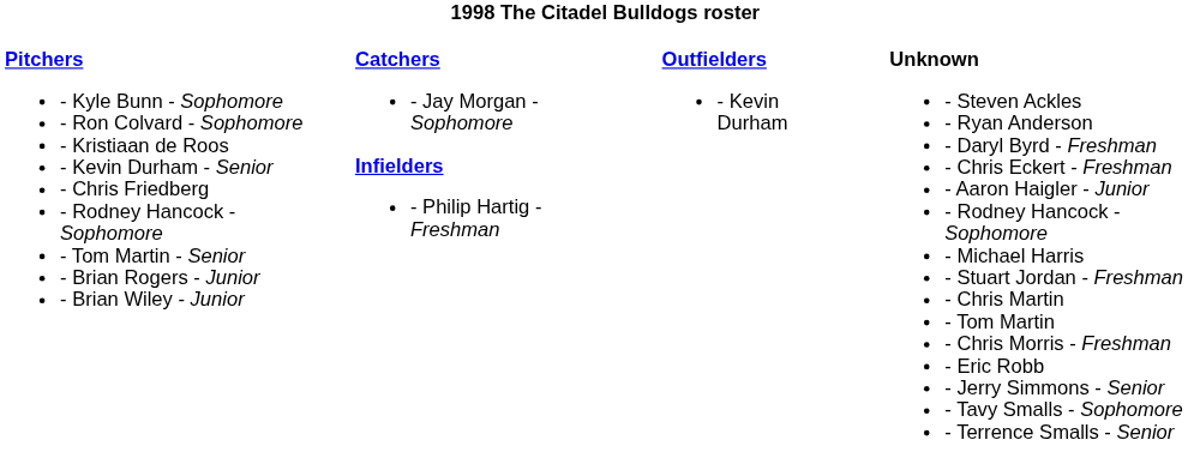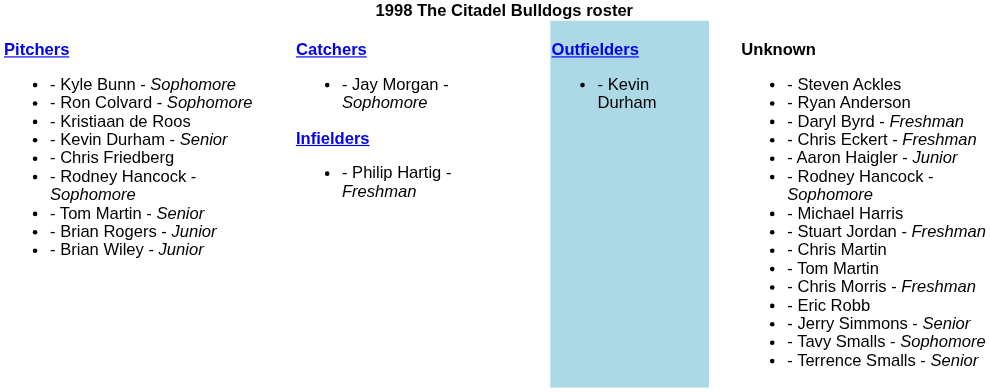 <table class="toccolours" style="border-collapse:collapse; font-size:90%;">
 <tr>
 <th colspan="9">1998 The Citadel Bulldogs roster</th>
 </tr>
 <tr>
 <td width="03"> </td>
 <td valign="top"><br><strong><a href='#'>Pitchers</a></strong><ul><li>- Kyle Bunn - <em>Sophomore</em></li><li>- Ron Colvard - <em>Sophomore</em></li><li>- Kristiaan de Roos</li><li>- Kevin Durham - <em>Senior</em></li><li>- Chris Friedberg</li><li>- Rodney Hancock - <em>Sophomore</em></li><li>- Tom Martin - <em>Senior</em></li><li>- Brian Rogers - <em>Junior</em></li><li>- Brian Wiley - <em>Junior</em></li></ul></td>
 <td width="15"> </td>
 <td valign="top"><br><strong><a href='#'>Catchers</a></strong><ul><li>- Jay Morgan - <em>Sophomore</em></li></ul><strong><a href='#'>Infielders</a></strong><ul><li>- Philip Hartig - <em>Freshman</em></li></ul></td>
 <td width="15"> </td>
-<td valign="top"><br><strong><a href='#'>Outfielders</a></strong><ul><li>- Kevin Durham</li></ul></td>
+<td valign="top" style="background: lightblue;"><br><strong><a href='#'>Outfielders</a></strong><ul><li>- Kevin Durham</li></ul></td>
 <td width="25"> </td>
 <td valign="top"><br><strong>Unknown</strong><ul><li>- Steven Ackles</li><li>- Ryan Anderson</li><li>- Daryl Byrd - <em>Freshman</em></li><li>- Chris Eckert - <em>Freshman</em></li><li>- Aaron Haigler - <em>Junior</em></li><li>- Rodney Hancock - <em>Sophomore</em></li><li>- Michael Harris</li><li>- Stuart Jordan - <em>Freshman</em></li><li>- Chris Martin</li><li>- Tom Martin</li><li>- Chris Morris - <em>Freshman</em></li><li>- Eric Robb</li><li>- Jerry Simmons - <em>Senior</em></li><li>- Tavy Smalls - <em>Sophomore</em></li><li>- Terrence Smalls - <em>Senior</em></li></ul></td>
 </tr>
 </table>
